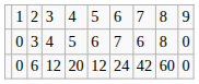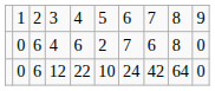 <table class="wikitable">
 <tr>
 <td></td>
 <td>1</td>
 <td>2</td>
 <td>3</td>
 <td>4</td>
 <td>5</td>
 <td>6</td>
 <td>7</td>
 <td>8</td>
 <td>9</td>
 </tr>
 <tr>
 <td></td>
 <td>0</td>
-<td>3</td>
+<td>6</td>
 <td>4</td>
-<td>5</td>
 <td>6</td>
+<td>2</td>
 <td>7</td>
 <td>6</td>
 <td>8</td>
 <td>0</td>
 </tr>
 <tr>
 <td></td>
 <td>0</td>
 <td>6</td>
 <td>12</td>
-<td>20</td>
-<td>12</td>
+<td>22</td>
+<td>10</td>
 <td>24</td>
 <td>42</td>
-<td>60</td>
+<td>64</td>
 <td>0</td>
 </tr>
 </table>
